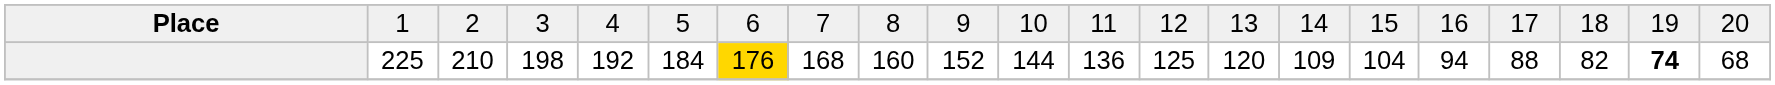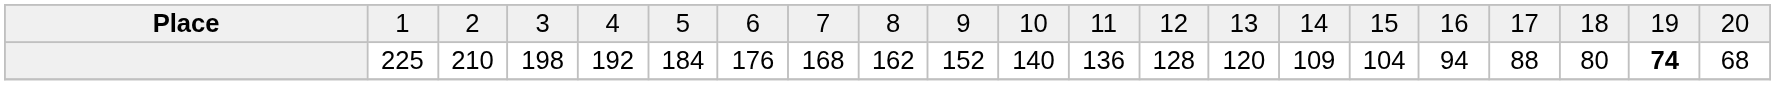 <table border="1" cellpadding="2" cellspacing="0" style="border:1px solid #C0C0C0; border-collapse:collapse; font-size:86%; margin-top:1em; text-align:center" width="950">
 <tr bgcolor="#F0F0F0">
 <td width=150><strong>Place</strong></td>
 <td width=25>1</td>
 <td width=25>2</td>
 <td width=25>3</td>
 <td width=25>4</td>
 <td width=25>5</td>
 <td width=25>6</td>
 <td width=25>7</td>
 <td width=25>8</td>
 <td width=25>9</td>
 <td width=25>10</td>
 <td width=25>11</td>
 <td width=25>12</td>
 <td width=25>13</td>
 <td width=25>14</td>
 <td width=25>15</td>
 <td width=25>16</td>
 <td width=25>17</td>
 <td width=25>18</td>
 <td width=25>19</td>
 <td width=25>20</td>
 </tr>
 <tr>
 <td style="background:#F0F0F0; text-align:left"></td>
 <td>225</td>
 <td>210</td>
 <td>198</td>
 <td>192</td>
 <td>184</td>
-<td style="background: gold;">176</td>
+<td>176</td>
 <td>168</td>
-<td>160</td>
+<td>162</td>
 <td>152</td>
-<td>144</td>
+<td>140</td>
 <td>136</td>
-<td>125</td>
+<td>128</td>
 <td>120</td>
 <td>109</td>
 <td>104</td>
 <td>94</td>
 <td>88</td>
-<td>82</td>
+<td>80</td>
 <td><strong>74</strong></td>
 <td>68</td>
 </tr>
 <tr>
 </tr>
 </table>
